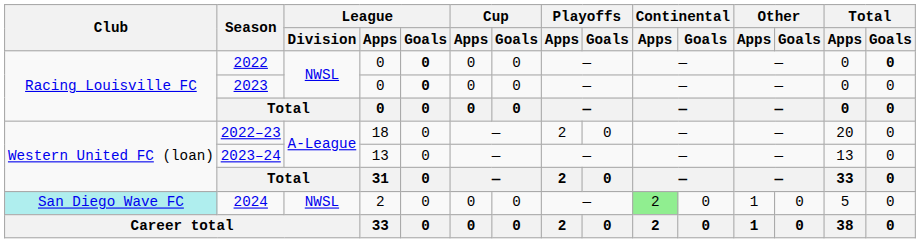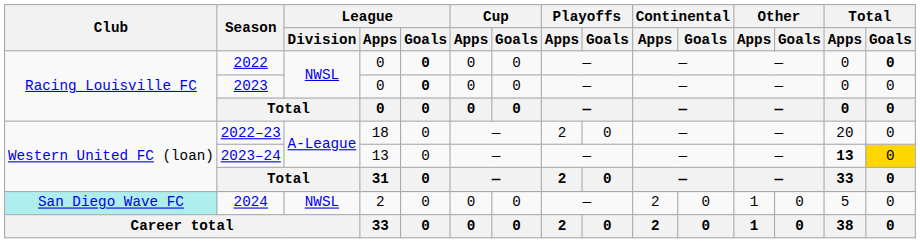 <table class="wikitable" style="text-align: center;">
 <tr>
 <th rowspan="2">Club</th>
 <th rowspan="2">Season</th>
 <th colspan="3">League</th>
 <th colspan="2">Cup</th>
 <th colspan="2">Playoffs</th>
 <th colspan="2">Continental</th>
 <th colspan="2">Other</th>
 <th colspan="2">Total</th>
 </tr>
 <tr>
 <th>Division</th>
 <th>Apps</th>
 <th>Goals</th>
 <th>Apps</th>
 <th>Goals</th>
 <th>Apps</th>
 <th>Goals</th>
 <th>Apps</th>
 <th>Goals</th>
 <th>Apps</th>
 <th>Goals</th>
 <th>Apps</th>
 <th>Goals</th>
 </tr>
 <tr>
 <td rowspan="3"><a href='#'>Racing Louisville FC</a></td>
 <td><a href='#'>2022</a></td>
 <td rowspan="2"><a href='#'>NWSL</a></td>
 <td>0</td>
 <td><strong>0</strong></td>
 <td>0</td>
 <td>0</td>
 <td colspan="2">—</td>
 <td colspan="2">—</td>
 <td colspan="2">—</td>
 <td>0</td>
 <td><strong>0</strong></td>
 </tr>
 <tr>
 <td><a href='#'>2023</a></td>
 <td>0</td>
 <td><strong>0</strong></td>
 <td>0</td>
 <td>0</td>
 <td colspan="2">—</td>
 <td colspan="2">—</td>
 <td colspan="2">—</td>
 <td>0</td>
 <td>0</td>
 </tr>
 <tr>
 <th colspan="2">Total</th>
 <th>0</th>
 <th>0</th>
 <th>0</th>
 <th>0</th>
 <th colspan="2">—</th>
 <th colspan="2">—</th>
 <th colspan="2">—</th>
 <th>0</th>
 <th>0</th>
 </tr>
 <tr>
 <td rowspan="3"><a href='#'>Western United FC</a> (loan)</td>
 <td><a href='#'>2022–23</a></td>
 <td rowspan="2"><a href='#'>A-League</a></td>
 <td>18</td>
 <td>0</td>
 <td colspan="2">—</td>
 <td>2</td>
 <td>0</td>
 <td colspan="2">—</td>
 <td colspan="2">—</td>
 <td>20</td>
 <td>0</td>
 </tr>
 <tr>
 <td><a href='#'>2023–24</a></td>
 <td>13</td>
 <td>0</td>
 <td colspan="2">—</td>
 <td colspan="2">—</td>
 <td colspan="2">—</td>
 <td colspan="2">—</td>
-<td>13</td>
-<td>0</td>
+<td><strong>13</strong></td>
+<td style="background: gold;">0</td>
 </tr>
 <tr>
 <th colspan="2">Total</th>
 <th>31</th>
 <th>0</th>
 <th colspan="2">—</th>
 <th>2</th>
 <th>0</th>
 <th colspan="2">—</th>
 <th colspan="2">—</th>
 <th>33</th>
 <th>0</th>
 </tr>
 <tr>
 <td style="background: paleturquoise;"><a href='#'>San Diego Wave FC</a></td>
 <td><a href='#'>2024</a></td>
 <td><a href='#'>NWSL</a></td>
 <td>2</td>
 <td>0</td>
 <td>0</td>
 <td>0</td>
 <td colspan="2">—</td>
-<td style="background: lightgreen;">2</td>
+<td>2</td>
 <td>0</td>
 <td>1</td>
 <td>0</td>
 <td>5</td>
 <td>0</td>
 </tr>
 <tr>
 <th colspan="3">Career total</th>
 <th>33</th>
 <th>0</th>
 <th>0</th>
 <th>0</th>
 <th>2</th>
 <th>0</th>
 <th>2</th>
 <th>0</th>
 <th>1</th>
 <th>0</th>
 <th>38</th>
 <th>0</th>
 </tr>
 </table>
